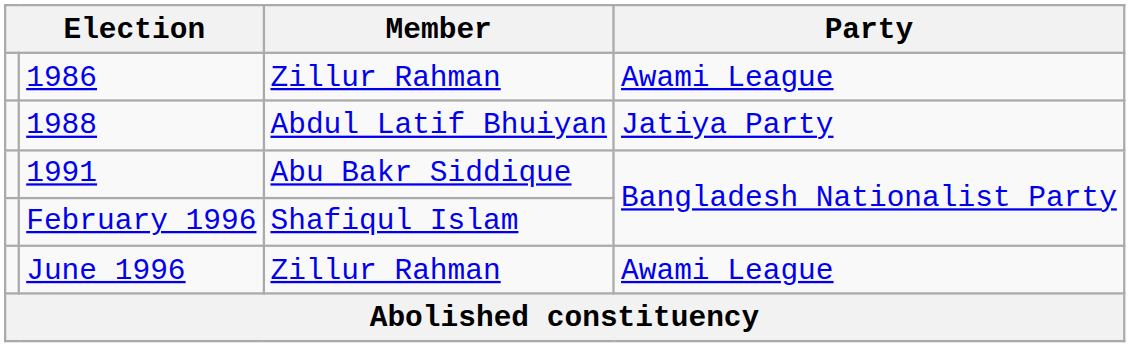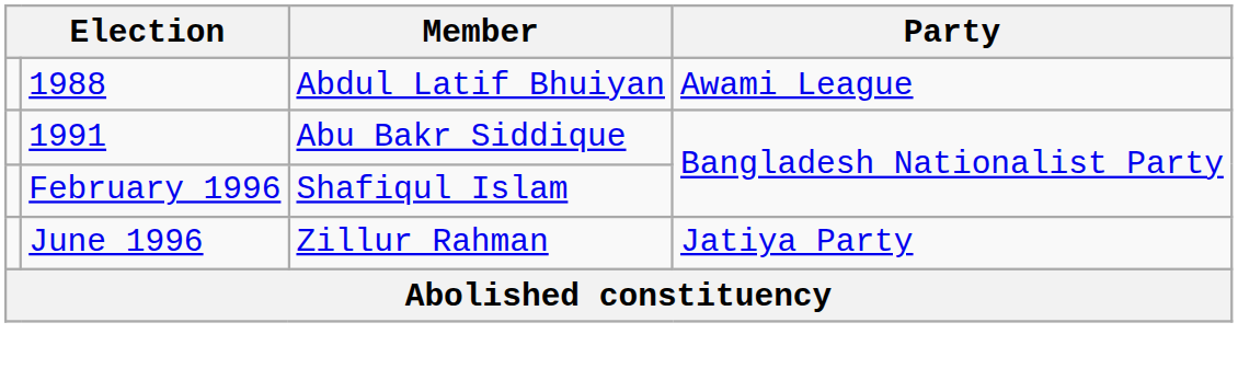 <table class="wikitable">
 <tr>
 <th colspan="2">Election</th>
 <th>Member</th>
 <th>Party</th>
 </tr>
 <tr>
 <td style="background-color:"></td>
-<td><a href='#'>1986</a></td>
-<td><a href='#'>Zillur Rahman</a></td>
-<td><a href='#'>Awami League</a></td>
-</tr>
-<tr>
-<td style="background-color:"></td>
 <td><a href='#'>1988</a></td>
 <td><a href='#'>Abdul Latif Bhuiyan</a></td>
-<td><a href='#'>Jatiya Party</a></td>
+<td><a href='#'>Awami League</a></td>
 </tr>
 <tr>
 <td style="background-color:"></td>
 <td><a href='#'>1991</a></td>
 <td><a href='#'>Abu Bakr Siddique</a></td>
 <td rowspan="2"><a href='#'>Bangladesh Nationalist Party</a></td>
 </tr>
 <tr>
 <td style="background-color:"></td>
 <td><a href='#'>February 1996</a></td>
 <td><a href='#'>Shafiqul Islam</a></td>
 </tr>
 <tr>
 <td style="background-color:"></td>
 <td><a href='#'>June 1996</a></td>
 <td><a href='#'>Zillur Rahman</a></td>
-<td><a href='#'>Awami League</a></td>
+<td><a href='#'>Jatiya Party</a></td>
 </tr>
 <tr>
 <th colspan="4">Abolished constituency</th>
 </tr>
 </table>
